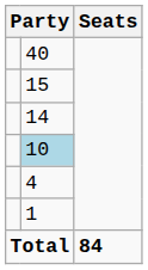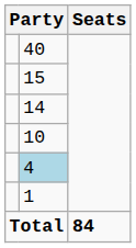 <table class="wikitable">
 <tr>
 <th colspan=2>Party</th>
 <th>Seats</th>
 </tr>
 <tr>
 <td></td>
 <td>40</td>
 </tr>
 <tr>
 <td></td>
 <td>15</td>
 </tr>
 <tr>
 <td></td>
 <td>14</td>
 </tr>
 <tr>
 <td></td>
-<td style="background: lightblue;">10</td>
+<td>10</td>
 </tr>
 <tr>
 <td></td>
-<td>4</td>
+<td style="background: lightblue;">4</td>
 </tr>
 <tr>
 <td></td>
 <td>1</td>
 </tr>
 <tr>
 <td colspan="2"><strong>Total</strong></td>
 <td><strong>84</strong></td>
 </tr>
 </table>
